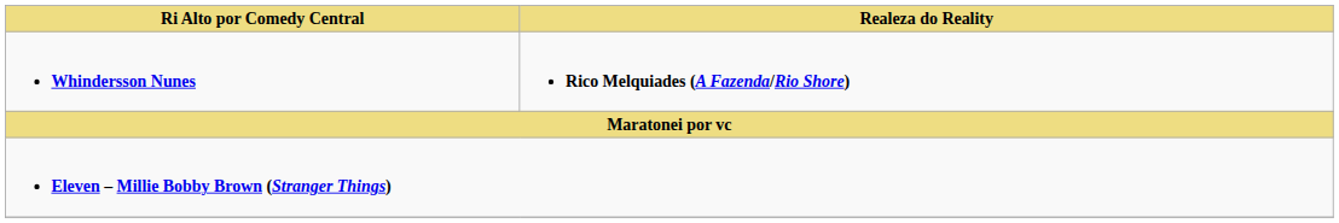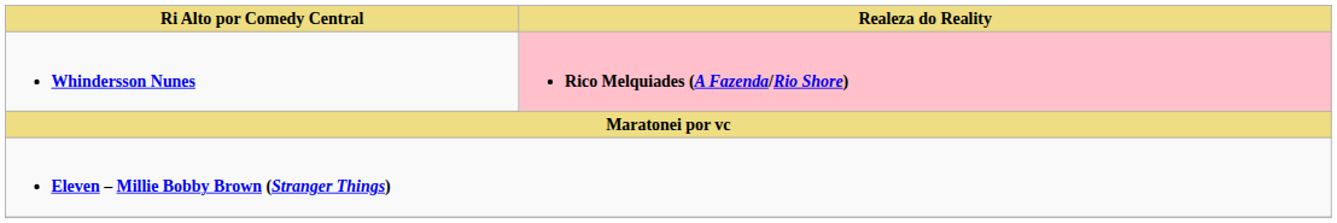 <table class="wikitable" style="width:100%">
 <tr>
 <th style="background:#EEDD82; width=50%">Ri Alto por Comedy Central</th>
 <th style="background:#EEDD82; width=50%">Realeza do Reality</th>
 </tr>
 <tr>
 <td valign="top"><br><ul><li><strong><a href='#'>Whindersson Nunes</a></strong></li></ul></td>
-<td valign="top"><br><ul><li><strong>Rico Melquiades (<em><a href='#'>A Fazenda</a></em>/<em><a href='#'>Rio Shore</a></em>)</strong></li></ul></td>
+<td valign="top" style="background: pink;"><br><ul><li><strong>Rico Melquiades (<em><a href='#'>A Fazenda</a></em>/<em><a href='#'>Rio Shore</a></em>)</strong></li></ul></td>
 </tr>
 <tr>
 <th colspan="2" style="background:#EEDD82; width=50%">Maratonei por vc</th>
 </tr>
 <tr>
 <td colspan="2" valign="top"><br><ul><li><strong><a href='#'>Eleven</a> – <a href='#'>Millie Bobby Brown</a> (<em><a href='#'>Stranger Things</a></em>)</strong></li></ul></td>
 </tr>
 <tr>
 </tr>
 </table>
